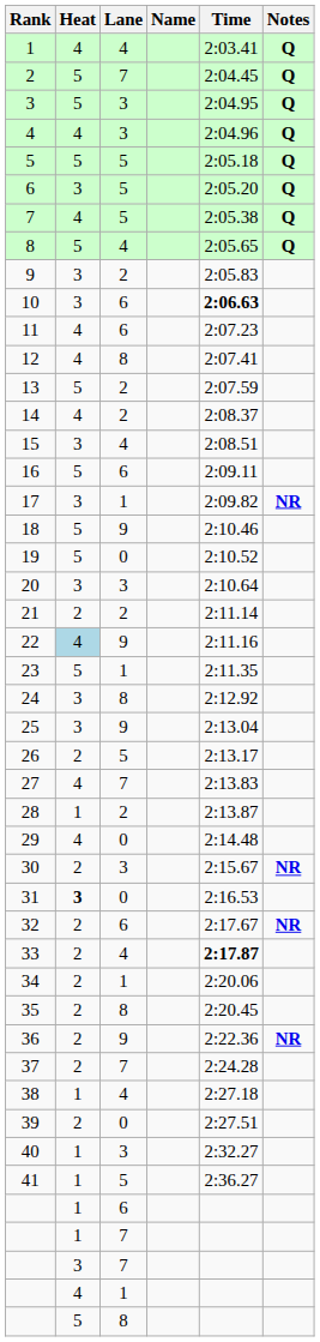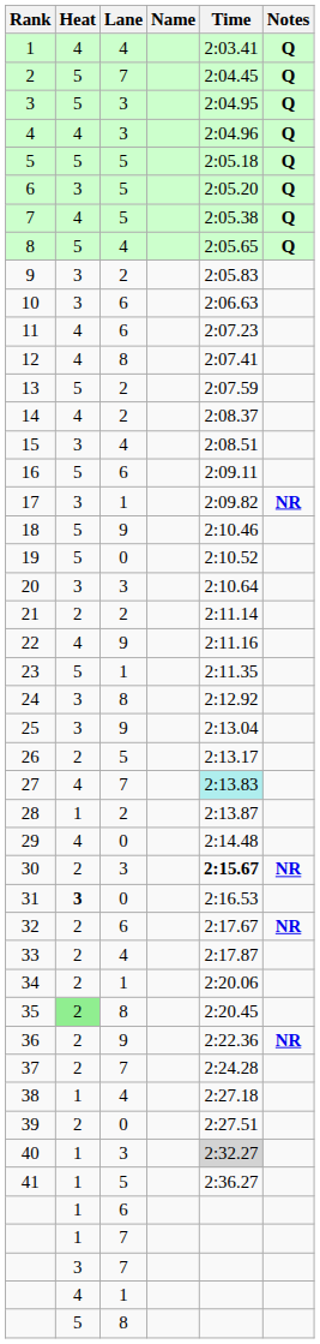 <table class="wikitable sortable" style="text-align:center">
 <tr>
 <th>Rank</th>
 <th>Heat</th>
 <th>Lane</th>
 <th>Name</th>
 <th>Time</th>
 <th>Notes</th>
 </tr>
 <tr bgcolor=ccffcc>
 <td>1</td>
 <td>4</td>
 <td>4</td>
 <td align=left></td>
 <td>2:03.41</td>
 <td><strong>Q</strong></td>
 </tr>
 <tr bgcolor=ccffcc>
 <td>2</td>
 <td>5</td>
 <td>7</td>
 <td align=left></td>
 <td>2:04.45</td>
 <td><strong>Q</strong></td>
 </tr>
 <tr bgcolor=ccffcc>
 <td>3</td>
 <td>5</td>
 <td>3</td>
 <td align=left></td>
 <td>2:04.95</td>
 <td><strong>Q</strong></td>
 </tr>
 <tr bgcolor=ccffcc>
 <td>4</td>
 <td>4</td>
 <td>3</td>
 <td align=left></td>
 <td>2:04.96</td>
 <td><strong>Q</strong></td>
 </tr>
 <tr bgcolor=ccffcc>
 <td>5</td>
 <td>5</td>
 <td>5</td>
 <td align=left></td>
 <td>2:05.18</td>
 <td><strong>Q</strong></td>
 </tr>
 <tr bgcolor=ccffcc>
 <td>6</td>
 <td>3</td>
 <td>5</td>
 <td align=left></td>
 <td>2:05.20</td>
 <td><strong>Q</strong></td>
 </tr>
 <tr bgcolor=ccffcc>
 <td>7</td>
 <td>4</td>
 <td>5</td>
 <td align=left></td>
 <td>2:05.38</td>
 <td><strong>Q</strong></td>
 </tr>
 <tr bgcolor=ccffcc>
 <td>8</td>
 <td>5</td>
 <td>4</td>
 <td align=left></td>
 <td>2:05.65</td>
 <td><strong>Q</strong></td>
 </tr>
 <tr>
 <td>9</td>
 <td>3</td>
 <td>2</td>
 <td align=left></td>
 <td>2:05.83</td>
 <td></td>
 </tr>
 <tr>
 <td>10</td>
 <td>3</td>
 <td>6</td>
 <td align=left></td>
-<td><strong>2:06.63</strong></td>
+<td>2:06.63</td>
 <td></td>
 </tr>
 <tr>
 <td>11</td>
 <td>4</td>
 <td>6</td>
 <td align=left></td>
 <td>2:07.23</td>
 <td></td>
 </tr>
 <tr>
 <td>12</td>
 <td>4</td>
 <td>8</td>
 <td align=left></td>
 <td>2:07.41</td>
 <td></td>
 </tr>
 <tr>
 <td>13</td>
 <td>5</td>
 <td>2</td>
 <td align=left></td>
 <td>2:07.59</td>
 <td></td>
 </tr>
 <tr>
 <td>14</td>
 <td>4</td>
 <td>2</td>
 <td align=left></td>
 <td>2:08.37</td>
 <td></td>
 </tr>
 <tr>
 <td>15</td>
 <td>3</td>
 <td>4</td>
 <td align=left></td>
 <td>2:08.51</td>
 <td></td>
 </tr>
 <tr>
 <td>16</td>
 <td>5</td>
 <td>6</td>
 <td align=left></td>
 <td>2:09.11</td>
 <td></td>
 </tr>
 <tr>
 <td>17</td>
 <td>3</td>
 <td>1</td>
 <td align=left></td>
 <td>2:09.82</td>
 <td><strong><a href='#'>NR</a></strong></td>
 </tr>
 <tr>
 <td>18</td>
 <td>5</td>
 <td>9</td>
 <td align=left></td>
 <td>2:10.46</td>
 <td></td>
 </tr>
 <tr>
 <td>19</td>
 <td>5</td>
 <td>0</td>
 <td align=left></td>
 <td>2:10.52</td>
 <td></td>
 </tr>
 <tr>
 <td>20</td>
 <td>3</td>
 <td>3</td>
 <td align=left></td>
 <td>2:10.64</td>
 <td></td>
 </tr>
 <tr>
 <td>21</td>
 <td>2</td>
 <td>2</td>
 <td align=left></td>
 <td>2:11.14</td>
 <td></td>
 </tr>
 <tr>
 <td>22</td>
-<td style="background: lightblue;">4</td>
+<td>4</td>
 <td>9</td>
 <td align=left></td>
 <td>2:11.16</td>
 <td></td>
 </tr>
 <tr>
 <td>23</td>
 <td>5</td>
 <td>1</td>
 <td align=left></td>
 <td>2:11.35</td>
 <td></td>
 </tr>
 <tr>
 <td>24</td>
 <td>3</td>
 <td>8</td>
 <td align=left></td>
 <td>2:12.92</td>
 <td></td>
 </tr>
 <tr>
 <td>25</td>
 <td>3</td>
 <td>9</td>
 <td align=left></td>
 <td>2:13.04</td>
 <td></td>
 </tr>
 <tr>
 <td>26</td>
 <td>2</td>
 <td>5</td>
 <td align=left></td>
 <td>2:13.17</td>
 <td></td>
 </tr>
 <tr>
 <td>27</td>
 <td>4</td>
 <td>7</td>
 <td align=left></td>
-<td>2:13.83</td>
+<td style="background: paleturquoise;">2:13.83</td>
 <td></td>
 </tr>
 <tr>
 <td>28</td>
 <td>1</td>
 <td>2</td>
 <td align=left></td>
 <td>2:13.87</td>
 <td></td>
 </tr>
 <tr>
 <td>29</td>
 <td>4</td>
 <td>0</td>
 <td align=left></td>
 <td>2:14.48</td>
 <td></td>
 </tr>
 <tr>
 <td>30</td>
 <td>2</td>
 <td>3</td>
 <td align=left></td>
-<td>2:15.67</td>
+<td><strong>2:15.67</strong></td>
 <td><strong><a href='#'>NR</a></strong></td>
 </tr>
 <tr>
 <td>31</td>
 <td><strong>3</strong></td>
 <td>0</td>
 <td align=left></td>
 <td>2:16.53</td>
 <td></td>
 </tr>
 <tr>
 <td>32</td>
 <td>2</td>
 <td>6</td>
 <td align=left></td>
 <td>2:17.67</td>
 <td><strong><a href='#'>NR</a></strong></td>
 </tr>
 <tr>
 <td>33</td>
 <td>2</td>
 <td>4</td>
 <td align=left></td>
-<td><strong>2:17.87</strong></td>
+<td>2:17.87</td>
 <td></td>
 </tr>
 <tr>
 <td>34</td>
 <td>2</td>
 <td>1</td>
 <td align=left></td>
 <td>2:20.06</td>
 <td></td>
 </tr>
 <tr>
 <td>35</td>
-<td>2</td>
+<td style="background: lightgreen;">2</td>
 <td>8</td>
 <td align=left></td>
 <td>2:20.45</td>
 <td></td>
 </tr>
 <tr>
 <td>36</td>
 <td>2</td>
 <td>9</td>
 <td align=left></td>
 <td>2:22.36</td>
 <td><strong><a href='#'>NR</a></strong></td>
 </tr>
 <tr>
 <td>37</td>
 <td>2</td>
 <td>7</td>
 <td align=left></td>
 <td>2:24.28</td>
 <td></td>
 </tr>
 <tr>
 <td>38</td>
 <td>1</td>
 <td>4</td>
 <td align=left></td>
 <td>2:27.18</td>
 <td></td>
 </tr>
 <tr>
 <td>39</td>
 <td>2</td>
 <td>0</td>
 <td align=left></td>
 <td>2:27.51</td>
 <td></td>
 </tr>
 <tr>
 <td>40</td>
 <td>1</td>
 <td>3</td>
 <td align=left></td>
-<td>2:32.27</td>
+<td style="background: lightgrey;">2:32.27</td>
 <td></td>
 </tr>
 <tr>
 <td>41</td>
 <td>1</td>
 <td>5</td>
 <td align=left></td>
 <td>2:36.27</td>
 <td></td>
 </tr>
 <tr>
 <td></td>
 <td>1</td>
 <td>6</td>
 <td align=left></td>
 <td></td>
 <td></td>
 </tr>
 <tr>
 <td></td>
 <td>1</td>
 <td>7</td>
 <td align=left></td>
 <td></td>
 <td></td>
 </tr>
 <tr>
 <td></td>
 <td>3</td>
 <td>7</td>
 <td align=left></td>
 <td></td>
 <td></td>
 </tr>
 <tr>
 <td></td>
 <td>4</td>
 <td>1</td>
 <td align=left></td>
 <td></td>
 <td></td>
 </tr>
 <tr>
 <td></td>
 <td>5</td>
 <td>8</td>
 <td align=left></td>
 <td></td>
 <td></td>
 </tr>
 </table>
